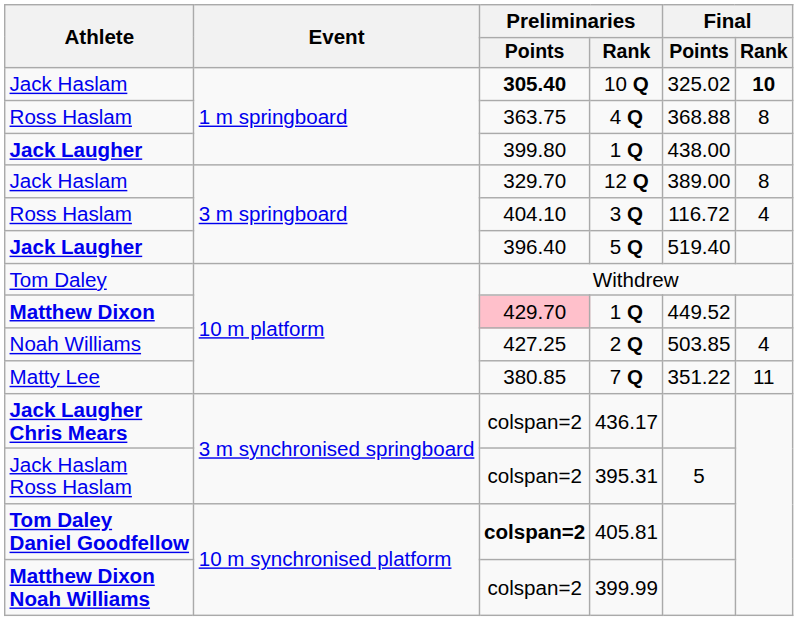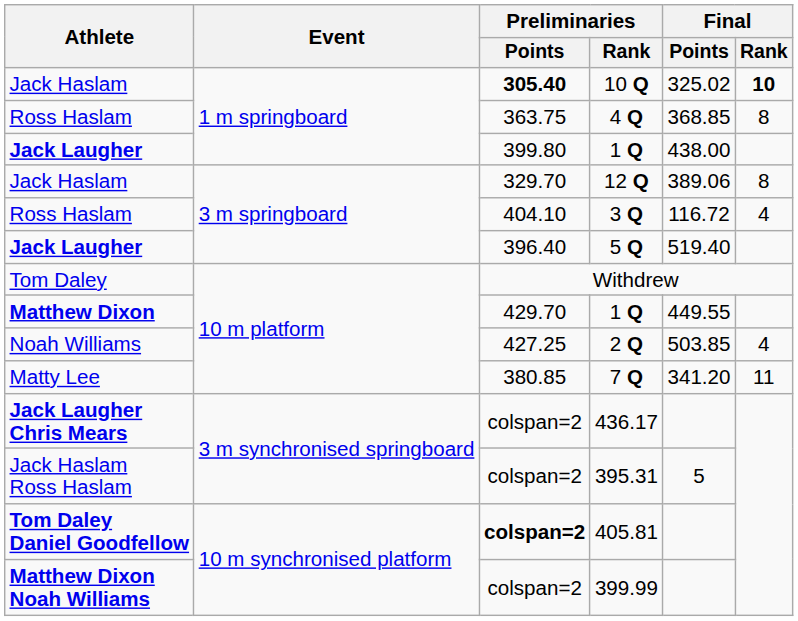 <table class="wikitable" style="font-size:90%;">
 <tr>
 <th rowspan=2>Athlete</th>
 <th rowspan=2>Event</th>
 <th colspan=2>Preliminaries</th>
 <th colspan=2>Final</th>
 </tr>
 <tr style="font-size:95%">
 <th>Points</th>
 <th>Rank</th>
 <th>Points</th>
 <th>Rank</th>
 </tr>
 <tr align=center>
 <td align=left><a href='#'>Jack Haslam</a></td>
 <td align=left rowspan=3><a href='#'>1 m springboard</a></td>
 <td><strong>305.40</strong></td>
 <td>10 <strong>Q</strong></td>
 <td>325.02</td>
 <td><strong>10</strong></td>
 </tr>
 <tr align=center>
 <td align=left><a href='#'>Ross Haslam</a></td>
 <td>363.75</td>
 <td>4 <strong>Q</strong></td>
-<td>368.88</td>
+<td>368.85</td>
 <td>8</td>
 </tr>
 <tr align=center>
 <td align=left><strong><a href='#'>Jack Laugher</a></strong></td>
 <td>399.80</td>
 <td>1 <strong>Q</strong></td>
 <td>438.00</td>
 <td></td>
 </tr>
 <tr align=center>
 <td align=left><a href='#'>Jack Haslam</a></td>
 <td align=left rowspan=3><a href='#'>3 m springboard</a></td>
 <td>329.70</td>
 <td>12 <strong>Q</strong></td>
-<td>389.00</td>
+<td>389.06</td>
 <td>8</td>
 </tr>
 <tr align=center>
 <td align=left><a href='#'>Ross Haslam</a></td>
 <td>404.10</td>
 <td>3 <strong>Q</strong></td>
 <td>116.72</td>
 <td>4</td>
 </tr>
 <tr align=center>
 <td align=left><strong><a href='#'>Jack Laugher</a></strong></td>
 <td>396.40</td>
 <td>5 <strong>Q</strong></td>
 <td>519.40</td>
 <td></td>
 </tr>
 <tr align=center>
 <td align=left><a href='#'>Tom Daley</a></td>
 <td align=left rowspan=4><a href='#'>10 m platform</a></td>
 <td colspan=4>Withdrew</td>
 </tr>
 <tr align=center>
 <td align=left><strong><a href='#'>Matthew Dixon</a></strong></td>
-<td style="background: pink;">429.70</td>
+<td>429.70</td>
 <td>1 <strong>Q</strong></td>
-<td>449.52</td>
+<td>449.55</td>
 <td></td>
 </tr>
 <tr align=center>
 <td align=left><a href='#'>Noah Williams</a></td>
 <td>427.25</td>
 <td>2 <strong>Q</strong></td>
 <td>503.85</td>
 <td>4</td>
 </tr>
 <tr align=center>
 <td align=left><a href='#'>Matty Lee</a></td>
 <td>380.85</td>
 <td>7 <strong>Q</strong></td>
-<td>351.22</td>
+<td>341.20</td>
 <td>11</td>
 </tr>
 <tr align=center>
 <td align=left><strong><a href='#'>Jack Laugher</a><br><a href='#'>Chris Mears</a></strong></td>
 <td align=left rowspan=2><a href='#'>3 m synchronised springboard</a></td>
 <td>colspan=2 </td>
 <td>436.17</td>
 <td></td>
 </tr>
 <tr align=center>
 <td align=left><a href='#'>Jack Haslam</a><br><a href='#'>Ross Haslam</a></td>
 <td>colspan=2 </td>
 <td>395.31</td>
 <td>5</td>
 </tr>
 <tr align=center>
 <td align=left><strong><a href='#'>Tom Daley</a><br><a href='#'>Daniel Goodfellow</a></strong></td>
 <td align=left rowspan=2><a href='#'>10 m synchronised platform</a></td>
 <td><strong>colspan=2 </strong></td>
 <td>405.81</td>
 <td></td>
 </tr>
 <tr align=center>
 <td align=left><strong><a href='#'>Matthew Dixon</a><br><a href='#'>Noah Williams</a></strong></td>
 <td>colspan=2 </td>
 <td>399.99</td>
 <td></td>
 </tr>
 </table>
